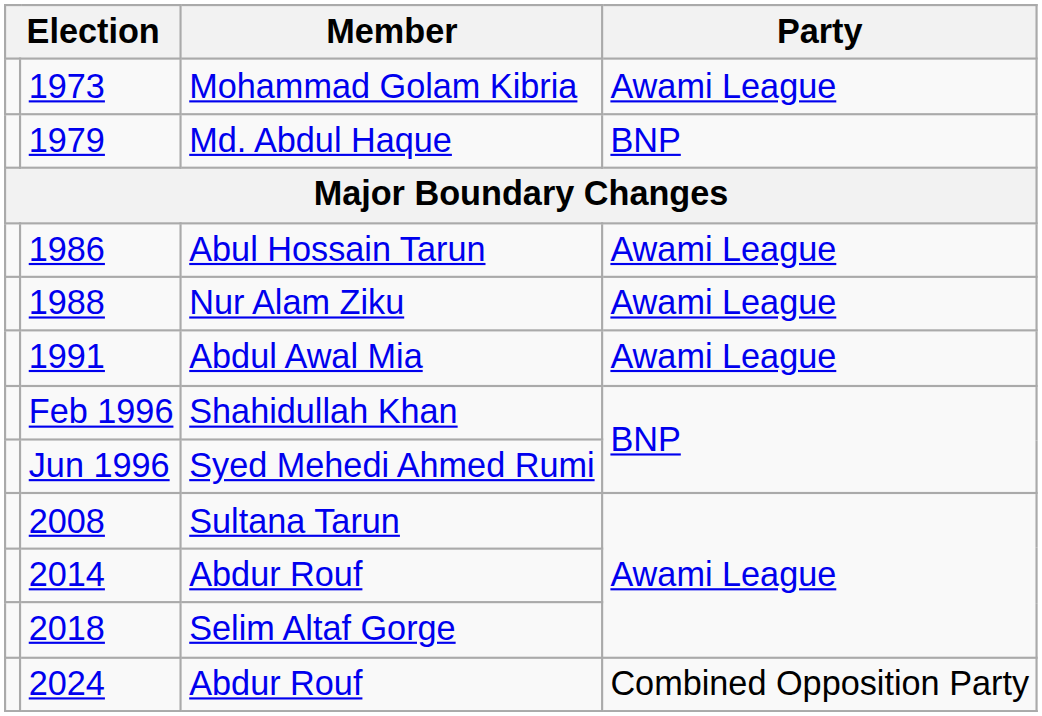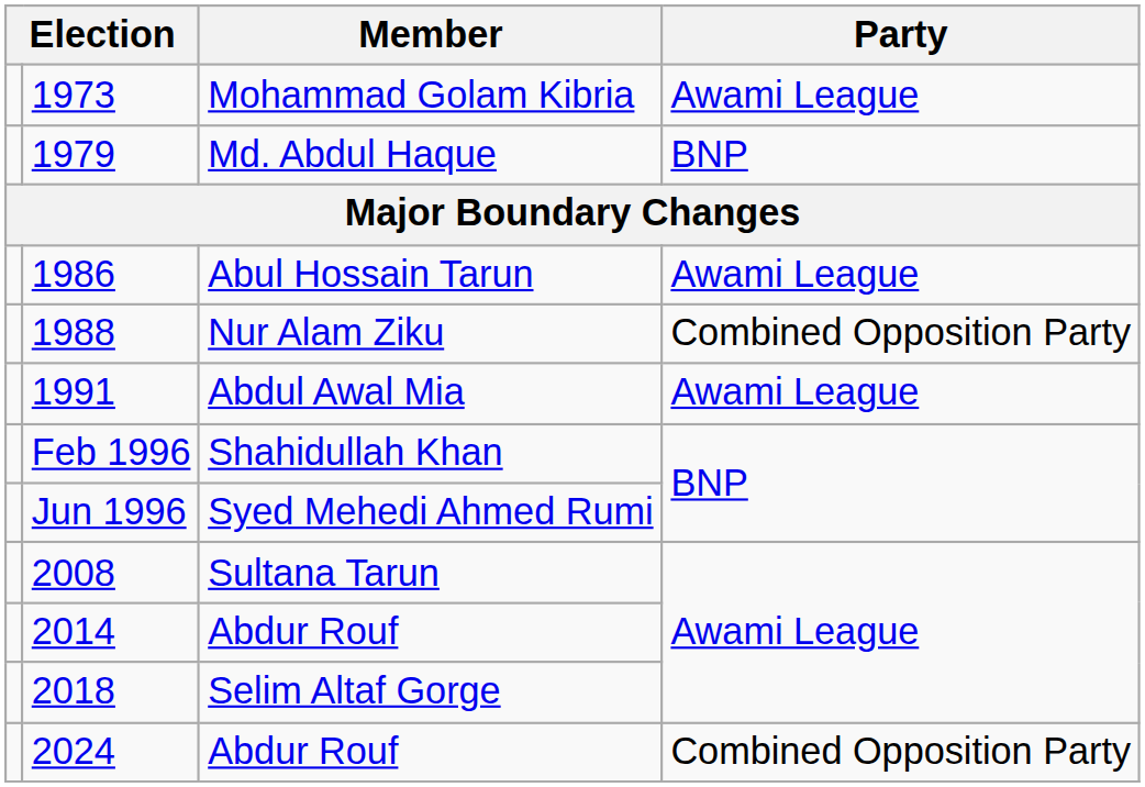 <table class="wikitable">
 <tr>
 <th colspan="2">Election</th>
 <th>Member</th>
 <th>Party</th>
 </tr>
 <tr>
 <td style="background-color:"></td>
 <td><a href='#'>1973</a></td>
 <td><a href='#'>Mohammad Golam Kibria</a></td>
 <td><a href='#'>Awami League</a></td>
 </tr>
 <tr>
 <td style="background-color:"></td>
 <td><a href='#'>1979</a></td>
 <td><a href='#'>Md. Abdul Haque</a></td>
 <td><a href='#'>BNP</a></td>
 </tr>
 <tr>
 <th colspan="4">Major Boundary Changes</th>
 </tr>
 <tr>
 <td style="background-color:"></td>
 <td><a href='#'>1986</a></td>
 <td><a href='#'>Abul Hossain Tarun</a></td>
 <td><a href='#'>Awami League</a></td>
 </tr>
 <tr>
 <td></td>
 <td><a href='#'>1988</a></td>
 <td><a href='#'>Nur Alam Ziku</a></td>
-<td><a href='#'>Awami League</a></td>
+<td>Combined Opposition Party</td>
 </tr>
 <tr>
 <td style="background-color:"></td>
 <td><a href='#'>1991</a></td>
 <td><a href='#'>Abdul Awal Mia</a></td>
 <td><a href='#'>Awami League</a></td>
 </tr>
 <tr>
 <td style="background-color:"></td>
 <td><a href='#'>Feb 1996</a></td>
 <td><a href='#'>Shahidullah Khan</a></td>
 <td rowspan="2"><a href='#'>BNP</a></td>
 </tr>
 <tr>
 <td style="background-color:"></td>
 <td><a href='#'>Jun 1996</a></td>
 <td><a href='#'>Syed Mehedi Ahmed Rumi</a></td>
 </tr>
 <tr>
 <td style="background-color:"></td>
 <td><a href='#'>2008</a></td>
 <td><a href='#'>Sultana Tarun</a></td>
 <td rowspan="3"><a href='#'>Awami League</a></td>
 </tr>
 <tr>
 <td style="background-color:"></td>
 <td><a href='#'>2014</a></td>
 <td><a href='#'>Abdur Rouf</a></td>
 </tr>
 <tr>
 <td style="background-color:"></td>
 <td><a href='#'>2018</a></td>
 <td><a href='#'>Selim Altaf Gorge</a></td>
 </tr>
 <tr>
 <td style="background-color:"></td>
 <td><a href='#'>2024</a></td>
 <td><a href='#'>Abdur Rouf</a></td>
 <td>Combined Opposition Party</td>
 </tr>
 <tr>
 </tr>
 </table>
